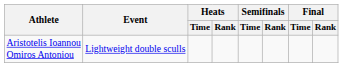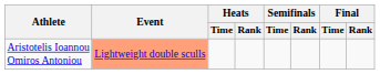 <table class=wikitable style="font-size:90%;">
 <tr>
 <th rowspan=2>Athlete</th>
 <th rowspan=2>Event</th>
 <th colspan=2>Heats</th>
 <th colspan=2>Semifinals</th>
 <th colspan=2>Final</th>
 </tr>
 <tr style="font-size:95%">
 <th>Time</th>
 <th>Rank</th>
 <th>Time</th>
 <th>Rank</th>
 <th>Time</th>
 <th>Rank</th>
 </tr>
 <tr align=center>
 <td align=left><a href='#'>Aristotelis Ioannou</a><br><a href='#'>Omiros Antoniou</a></td>
-<td align=left><a href='#'>Lightweight double sculls</a></td>
+<td align=left style="background: lightsalmon;"><a href='#'>Lightweight double sculls</a></td>
 <td></td>
 <td></td>
 <td></td>
 <td></td>
 <td></td>
 <td></td>
 </tr>
 </table>
